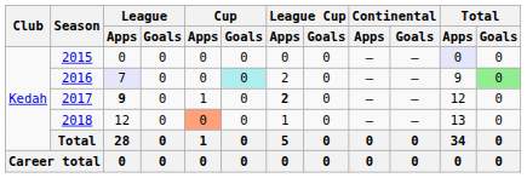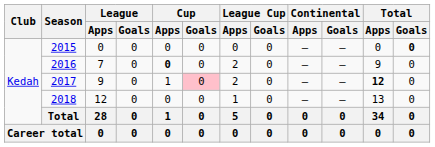 <table class="wikitable" style="text-align: center;">
 <tr>
 <th rowspan="2">Club</th>
 <th rowspan="2">Season</th>
 <th colspan="2">League</th>
 <th colspan="2">Cup</th>
 <th colspan="2">League Cup</th>
 <th colspan="2">Continental</th>
 <th colspan="2">Total</th>
 </tr>
 <tr>
 <th>Apps</th>
 <th>Goals</th>
 <th>Apps</th>
 <th>Goals</th>
 <th>Apps</th>
 <th>Goals</th>
 <th>Apps</th>
 <th>Goals</th>
 <th>Apps</th>
 <th>Goals</th>
 </tr>
 <tr>
 <td rowspan="5" valign="center"><a href='#'>Kedah</a></td>
 <td><a href='#'>2015</a></td>
 <td>0</td>
 <td>0</td>
 <td>0</td>
 <td>0</td>
 <td>0</td>
 <td>0</td>
 <td>–</td>
 <td>–</td>
-<td style="background: lavender;">0</td>
 <td>0</td>
+<td><strong>0</strong></td>
 </tr>
 <tr>
 <td><a href='#'>2016</a></td>
-<td style="background: lavender;">7</td>
+<td>7</td>
 <td>0</td>
+<td><strong>0</strong></td>
 <td>0</td>
-<td style="background: paleturquoise;">0</td>
 <td>2</td>
 <td>0</td>
 <td>–</td>
 <td>–</td>
 <td>9</td>
-<td style="background: lightgreen;">0</td>
+<td>0</td>
 </tr>
 <tr>
 <td><a href='#'>2017</a></td>
-<td><strong>9</strong></td>
+<td>9</td>
 <td>0</td>
 <td>1</td>
-<td>0</td>
-<td><strong>2</strong></td>
+<td style="background: pink;">0</td>
+<td>2</td>
 <td>0</td>
 <td>–</td>
 <td>–</td>
-<td>12</td>
+<td><strong>12</strong></td>
 <td>0</td>
 </tr>
 <tr>
 <td><a href='#'>2018</a></td>
 <td>12</td>
 <td>0</td>
-<td style="background: lightsalmon;">0</td>
+<td>0</td>
 <td>0</td>
 <td>1</td>
 <td>0</td>
 <td>–</td>
 <td>–</td>
 <td>13</td>
 <td>0</td>
 </tr>
 <tr>
 <th>Total</th>
 <th>28</th>
 <th>0</th>
 <th>1</th>
 <th>0</th>
 <th>5</th>
 <th>0</th>
 <th>0</th>
 <th>0</th>
 <th>34</th>
 <th>0</th>
 </tr>
 <tr>
 <th colspan=2>Career total</th>
 <th>0</th>
 <th>0</th>
 <th>0</th>
 <th>0</th>
 <th>0</th>
 <th>0</th>
 <th>0</th>
 <th>0</th>
 <th>0</th>
 <th>0</th>
 </tr>
 </table>
